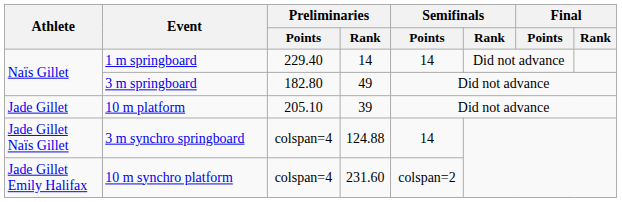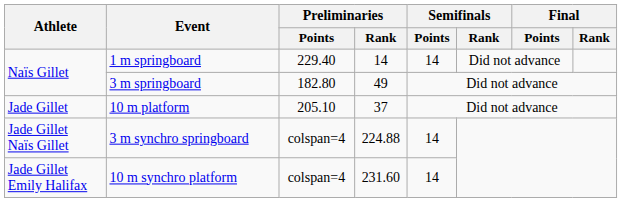 <table class="wikitable" style="text-align:center; font-size:90%; width:50%;">
 <tr>
 <th rowspan=2>Athlete</th>
 <th rowspan=2>Event</th>
 <th colspan=2>Preliminaries</th>
 <th colspan=2>Semifinals</th>
 <th colspan=2>Final</th>
 </tr>
 <tr style="font-size:95%">
 <th>Points</th>
 <th>Rank</th>
 <th>Points</th>
 <th>Rank</th>
 <th>Points</th>
 <th>Rank</th>
 </tr>
 <tr>
 <td align=left rowspan=2><a href='#'>Naïs Gillet</a></td>
 <td align=left><a href='#'>1 m springboard</a></td>
 <td>229.40</td>
 <td>14</td>
 <td>14</td>
 <td colspan=2>Did not advance</td>
 </tr>
 <tr>
 <td align=left><a href='#'>3 m springboard</a></td>
 <td>182.80</td>
 <td>49</td>
 <td colspan=4>Did not advance</td>
 </tr>
 <tr>
 <td align=left><a href='#'>Jade Gillet</a></td>
 <td align=left><a href='#'>10 m platform</a></td>
 <td>205.10</td>
-<td>39</td>
+<td>37</td>
 <td colspan=4>Did not advance</td>
 </tr>
 <tr>
 <td align=left><a href='#'>Jade Gillet</a><br> <a href='#'>Naïs Gillet</a></td>
 <td align=left><a href='#'>3 m synchro springboard</a></td>
 <td>colspan=4 </td>
-<td>124.88</td>
+<td>224.88</td>
 <td>14</td>
 </tr>
 <tr>
 <td align=left><a href='#'>Jade Gillet</a><br> <a href='#'>Emily Halifax</a></td>
 <td align=left><a href='#'>10 m synchro platform</a></td>
 <td>colspan=4 </td>
 <td>231.60</td>
-<td>colspan=2 </td>
+<td>14</td>
 </tr>
 </table>
